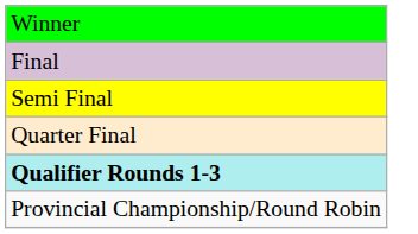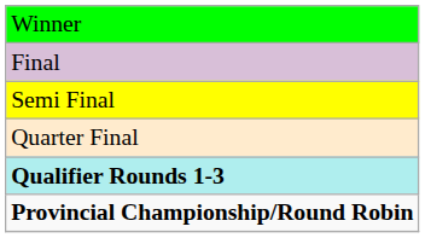 <table class=wikitable>
 <tr>
 <td bgcolor=lime>Winner</td>
 </tr>
 <tr>
 <td bgcolor=thistle>Final</td>
 </tr>
 <tr>
 <td bgcolor=yellow>Semi Final</td>
 </tr>
 <tr>
 <td style="background:#ffebcd;">Quarter Final</td>
 </tr>
 <tr>
 <td style="background:#afeeee;"><strong>Qualifier Rounds 1-3</strong></td>
 </tr>
 <tr>
-<td style="background:#afeeee:">Provincial Championship/Round Robin</td>
+<td style="background:#afeeee:"><strong>Provincial Championship/Round Robin</strong></td>
 </tr>
 <tr>
 </tr>
 </table>
